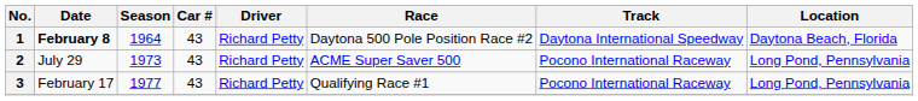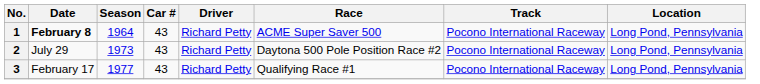 <table class="wikitable sortable">
 <tr>
 <th scope="col">No.</th>
 <th scope="col">Date</th>
 <th scope="col">Season</th>
 <th scope="col">Car #</th>
 <th scope="col">Driver</th>
 <th scope="col">Race</th>
 <th scope="col">Track</th>
 <th scope="col">Location</th>
 </tr>
 <tr>
 <th scope="row">1</th>
 <td><strong>February 8</strong></td>
 <td style="text-align:center;"><a href='#'>1964</a></td>
 <td style="text-align:center;">43</td>
 <td><a href='#'>Richard Petty</a></td>
-<td>Daytona 500 Pole Position Race #2</td>
-<td><a href='#'>Daytona International Speedway</a></td>
-<td><a href='#'>Daytona Beach, Florida</a></td>
+<td><a href='#'>ACME Super Saver 500</a></td>
+<td><a href='#'>Pocono International Raceway</a></td>
+<td><a href='#'>Long Pond, Pennsylvania</a></td>
 </tr>
 <tr>
 <th scope="row">2</th>
 <td>July 29</td>
 <td style="text-align:center;"><a href='#'>1973</a></td>
 <td style="text-align:center;">43</td>
 <td><a href='#'>Richard Petty</a></td>
-<td><a href='#'>ACME Super Saver 500</a></td>
+<td>Daytona 500 Pole Position Race #2</td>
 <td><a href='#'>Pocono International Raceway</a></td>
 <td><a href='#'>Long Pond, Pennsylvania</a></td>
 </tr>
 <tr>
 <th scope="row">3</th>
 <td>February 17</td>
 <td style="text-align:center;"><a href='#'>1977</a></td>
 <td style="text-align:center;">43</td>
 <td><a href='#'>Richard Petty</a></td>
 <td>Qualifying Race #1</td>
 <td><a href='#'>Pocono International Raceway</a></td>
 <td><a href='#'>Long Pond, Pennsylvania</a></td>
 </tr>
 <tr>
 </tr>
 </table>
